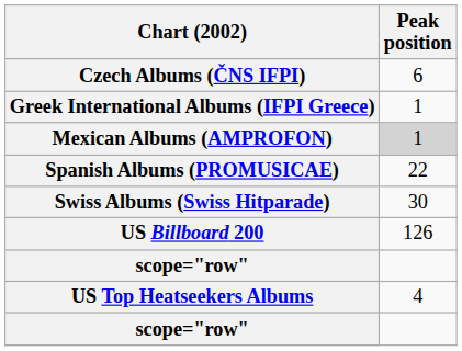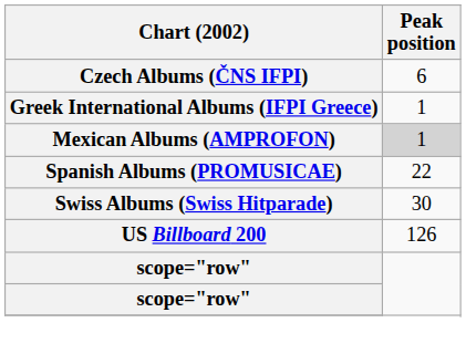 <table class="wikitable sortable plainrowheaders">
 <tr>
 <th>Chart (2002)</th>
 <th>Peak<br>position</th>
 </tr>
 <tr>
 <th scope="row">Czech Albums (<a href='#'>ČNS IFPI</a>)</th>
 <td style="text-align:center;">6</td>
 </tr>
 <tr>
 <th scope="row">Greek International Albums (<a href='#'>IFPI Greece</a>)</th>
 <td style="text-align:center;">1</td>
 </tr>
 <tr>
 <th scope="row">Mexican Albums (<a href='#'>AMPROFON</a>)</th>
 <td style="background: lightgrey; text-align:center;">1</td>
 </tr>
 <tr>
 <th scope="row">Spanish Albums (<a href='#'>PROMUSICAE</a>)</th>
 <td style="text-align:center;">22</td>
 </tr>
 <tr>
 <th scope="row">Swiss Albums (<a href='#'>Swiss Hitparade</a>)</th>
 <td style="text-align:center;">30</td>
 </tr>
 <tr>
 <th scope="row">US <a href='#'><em>Billboard</em> 200</a></th>
 <td style="text-align:center;">126</td>
 </tr>
 <tr>
 <th>scope="row"</th>
 </tr>
 <tr>
-<th scope="row">US <a href='#'>Top Heatseekers Albums</a></th>
-<td style="text-align:center;">4</td>
-</tr>
-<tr>
 <th>scope="row"</th>
 </tr>
 <tr>
 </tr>
 </table>
